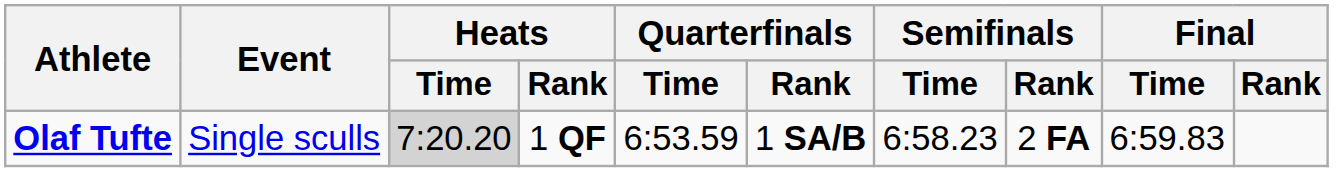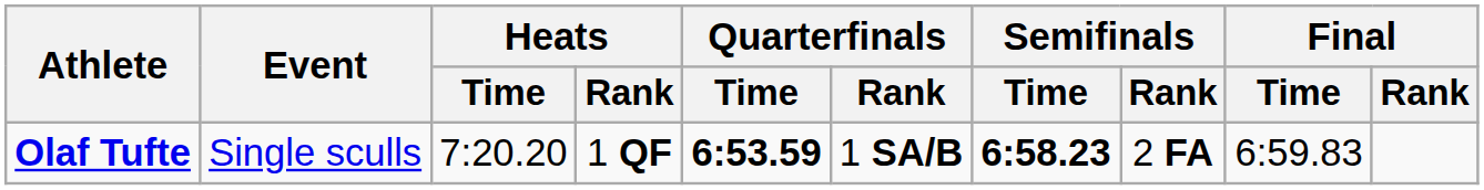 <table class="wikitable" style="font-size:90%">
 <tr>
 <th rowspan="2">Athlete</th>
 <th rowspan="2">Event</th>
 <th colspan="2">Heats</th>
 <th colspan="2">Quarterfinals</th>
 <th colspan="2">Semifinals</th>
 <th colspan="2">Final</th>
 </tr>
 <tr style="font-size:95%">
 <th>Time</th>
 <th>Rank</th>
 <th>Time</th>
 <th>Rank</th>
 <th>Time</th>
 <th>Rank</th>
 <th>Time</th>
 <th>Rank</th>
 </tr>
 <tr align=center>
 <td align=left><strong><a href='#'>Olaf Tufte</a></strong></td>
 <td align=left><a href='#'>Single sculls</a></td>
-<td style="background: lightgrey;">7:20.20</td>
+<td>7:20.20</td>
 <td>1 <strong>QF</strong></td>
-<td>6:53.59</td>
+<td><strong>6:53.59</strong></td>
 <td>1 <strong>SA/B</strong></td>
-<td>6:58.23</td>
+<td><strong>6:58.23</strong></td>
 <td>2 <strong>FA</strong></td>
 <td>6:59.83</td>
 <td></td>
 </tr>
 </table>
